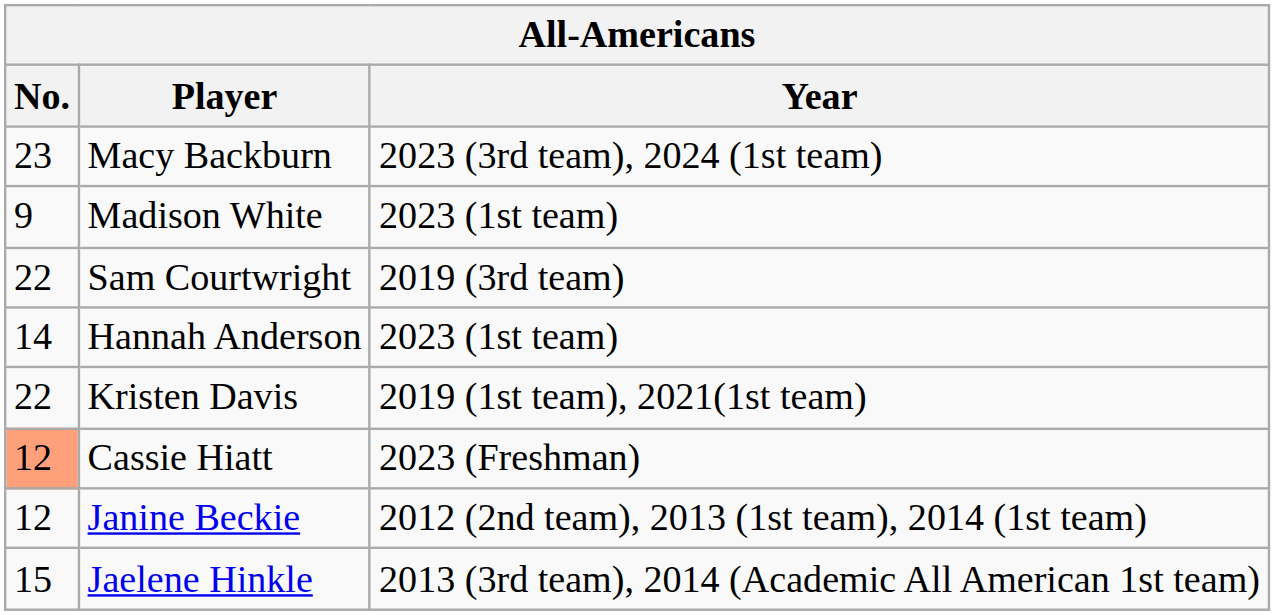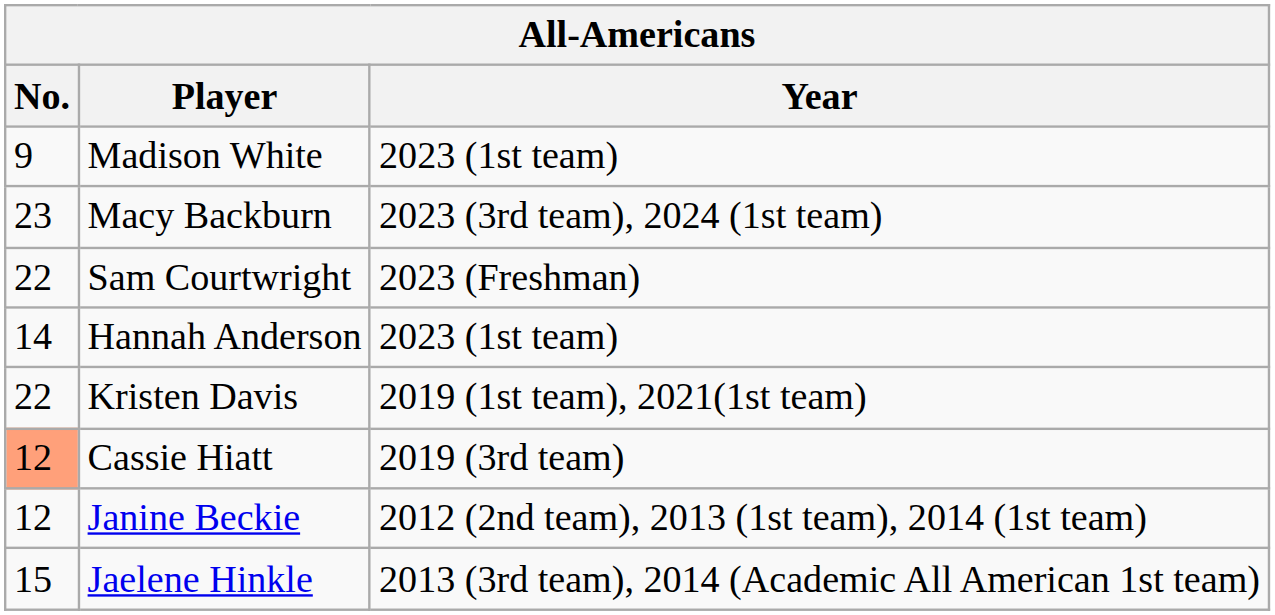 <table class="wikitable">
 <tr>
 <th colspan=3>All-Americans</th>
 </tr>
 <tr>
 <th width=px>No.</th>
 <th width=px>Player</th>
 <th width=px>Year</th>
 </tr>
 <tr>
+<td>9</td>
+<td>Madison White</td>
+<td>2023 (1st team)</td>
+</tr>
+<tr>
 <td>23</td>
 <td>Macy Backburn</td>
 <td>2023 (3rd team), 2024 (1st team)</td>
 </tr>
 <tr>
-<td>9</td>
-<td>Madison White</td>
-<td>2023 (1st team)</td>
-</tr>
-<tr>
 <td>22</td>
 <td>Sam Courtwright</td>
-<td>2019 (3rd team)</td>
+<td>2023 (Freshman)</td>
 </tr>
 <tr>
 <td>14</td>
 <td>Hannah Anderson</td>
 <td>2023 (1st team)</td>
 </tr>
 <tr>
 <td>22</td>
 <td>Kristen Davis</td>
 <td>2019 (1st team), 2021(1st team)</td>
 </tr>
 <tr>
 <td style="background: lightsalmon;">12</td>
 <td>Cassie Hiatt</td>
-<td>2023 (Freshman)</td>
+<td>2019 (3rd team)</td>
 </tr>
 <tr>
 <td>12</td>
 <td><a href='#'>Janine Beckie</a></td>
 <td>2012 (2nd team), 2013 (1st team), 2014 (1st team)</td>
 </tr>
 <tr>
 <td>15</td>
 <td><a href='#'>Jaelene Hinkle</a></td>
 <td>2013 (3rd team), 2014 (Academic All American 1st team)</td>
 </tr>
 </table>
